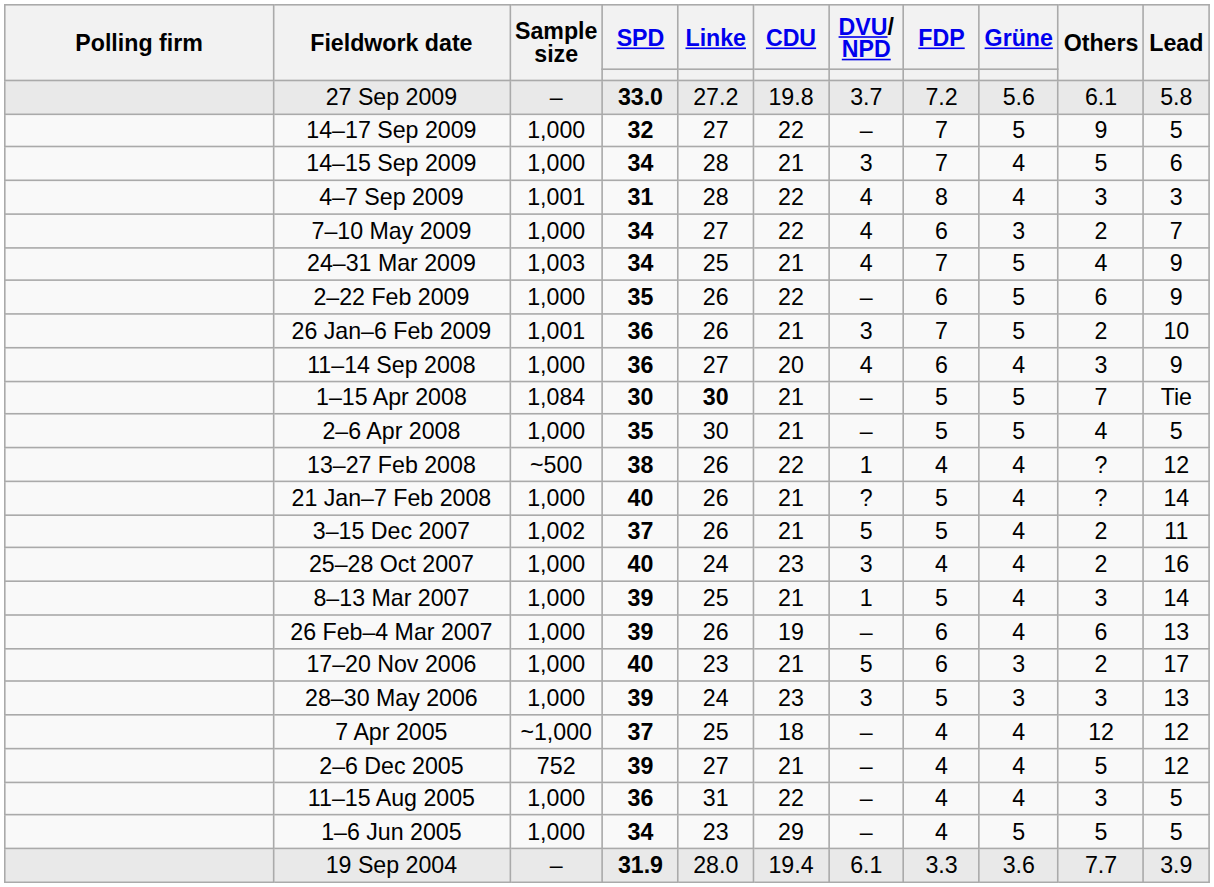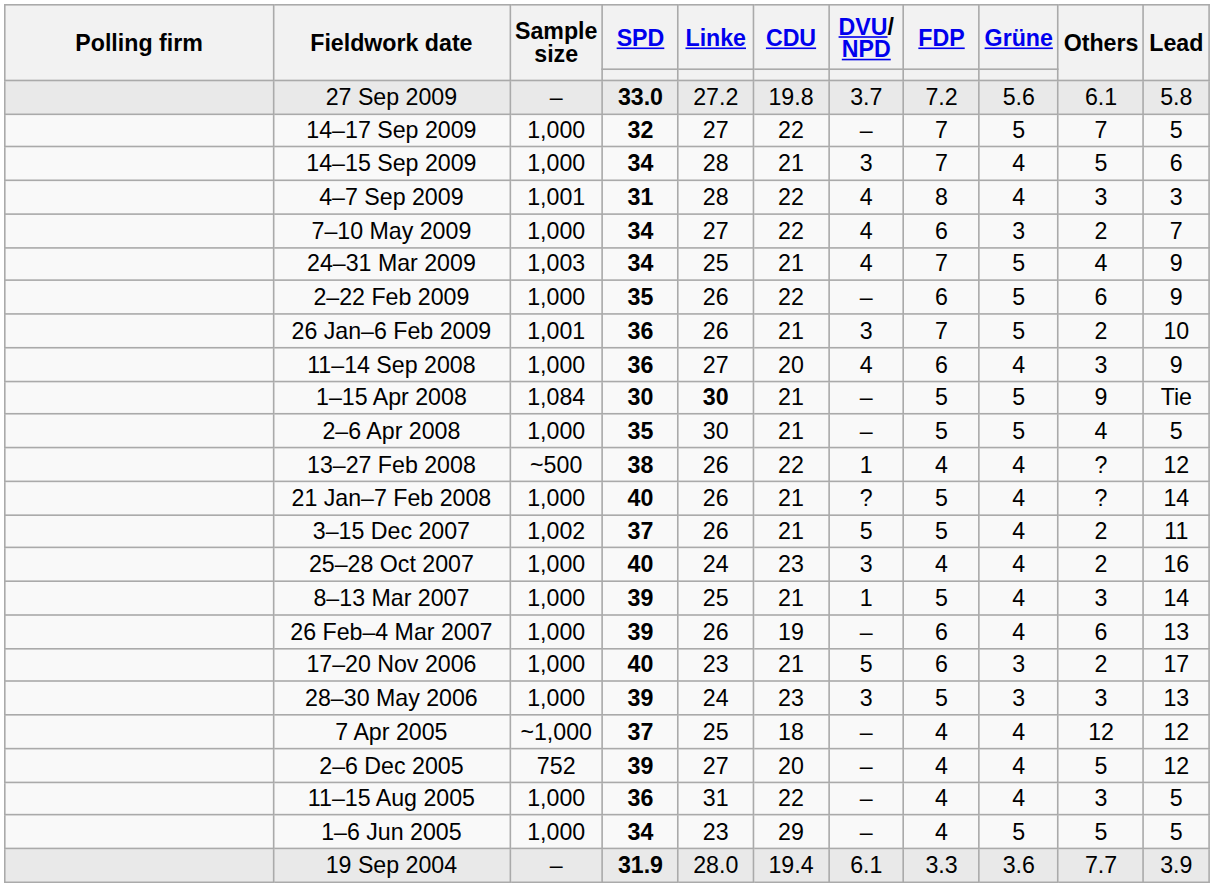 <table class="wikitable sortable" style="text-align:center;font-size:90%;line-height:14px;">
 <tr style="height:40px;">
 <th style="width:160px;" rowspan="2">Polling firm</th>
 <th style="width:140px;" rowspan="2">Fieldwork date</th>
 <th style="width:35px;" rowspan="2">Sample<br>size</th>
 <th class="unsortable" style="width:40px;"><a href='#'>SPD</a></th>
 <th class="unsortable" style="width:40px;"><a href='#'>Linke</a></th>
 <th class="unsortable" style="width:40px;"><a href='#'>CDU</a></th>
 <th class="unsortable" style="width:40px;"><a href='#'>DVU</a>/<br><a href='#'>NPD</a></th>
 <th class="unsortable" style="width:40px;"><a href='#'>FDP</a></th>
 <th class="unsortable" style="width:40px;"><a href='#'>Grüne</a></th>
 <th class="unsortable" style="width:40px;" rowspan="2">Others</th>
 <th style="width:30px;" rowspan="2">Lead</th>
 </tr>
 <tr>
 <th style="background:"></th>
 <th style="background:"></th>
 <th style="background:"></th>
 <th style="background:"></th>
 <th style="background:"></th>
 <th style="background:"></th>
 </tr>
 <tr style="background:#E9E9E9;">
 <td></td>
 <td data-sort-value="2009-09-27">27 Sep 2009</td>
 <td>–</td>
 <td><strong>33.0</strong></td>
 <td>27.2</td>
 <td>19.8</td>
 <td>3.7</td>
 <td>7.2</td>
 <td>5.6</td>
 <td>6.1</td>
 <td style="background:">5.8</td>
 </tr>
 <tr>
 <td></td>
 <td data-sort-value="2009-09-18">14–17 Sep 2009</td>
 <td>1,000</td>
 <td><strong>32</strong></td>
 <td>27</td>
 <td>22</td>
 <td>–</td>
 <td>7</td>
 <td>5</td>
-<td>9</td>
+<td>7</td>
 <td style="background:">5</td>
 </tr>
 <tr>
 <td></td>
 <td data-sort-value="2009-09-16">14–15 Sep 2009</td>
 <td>1,000</td>
 <td><strong>34</strong></td>
 <td>28</td>
 <td>21</td>
 <td>3</td>
 <td>7</td>
 <td>4</td>
 <td>5</td>
 <td style="background:">6</td>
 </tr>
 <tr>
 <td></td>
 <td data-sort-value="2009-09-09">4–7 Sep 2009</td>
 <td>1,001</td>
 <td><strong>31</strong></td>
 <td>28</td>
 <td>22</td>
 <td>4</td>
 <td>8</td>
 <td>4</td>
 <td>3</td>
 <td style="background:">3</td>
 </tr>
 <tr>
 <td></td>
 <td data-sort-value="2009-05-12">7–10 May 2009</td>
 <td>1,000</td>
 <td><strong>34</strong></td>
 <td>27</td>
 <td>22</td>
 <td>4</td>
 <td>6</td>
 <td>3</td>
 <td>2</td>
 <td style="background:">7</td>
 </tr>
 <tr>
 <td></td>
 <td data-sort-value="2009-04-03">24–31 Mar 2009</td>
 <td>1,003</td>
 <td><strong>34</strong></td>
 <td>25</td>
 <td>21</td>
 <td>4</td>
 <td>7</td>
 <td>5</td>
 <td>4</td>
 <td style="background:">9</td>
 </tr>
 <tr>
 <td></td>
 <td data-sort-value="2009-03-05">2–22 Feb 2009</td>
 <td>1,000</td>
 <td><strong>35</strong></td>
 <td>26</td>
 <td>22</td>
 <td>–</td>
 <td>6</td>
 <td>5</td>
 <td>6</td>
 <td style="background:">9</td>
 </tr>
 <tr>
 <td></td>
 <td data-sort-value="2009-02-12">26 Jan–6 Feb 2009</td>
 <td>1,001</td>
 <td><strong>36</strong></td>
 <td>26</td>
 <td>21</td>
 <td>3</td>
 <td>7</td>
 <td>5</td>
 <td>2</td>
 <td style="background:">10</td>
 </tr>
 <tr>
 <td></td>
 <td data-sort-value="2008-09-17">11–14 Sep 2008</td>
 <td>1,000</td>
 <td><strong>36</strong></td>
 <td>27</td>
 <td>20</td>
 <td>4</td>
 <td>6</td>
 <td>4</td>
 <td>3</td>
 <td style="background:">9</td>
 </tr>
 <tr>
 <td></td>
 <td data-sort-value="2008-04-17">1–15 Apr 2008</td>
 <td>1,084</td>
 <td><strong>30</strong></td>
 <td><strong>30</strong></td>
 <td>21</td>
 <td>–</td>
 <td>5</td>
 <td>5</td>
-<td>7</td>
+<td>9</td>
 <td data-sort-value="0">Tie</td>
 </tr>
 <tr>
 <td></td>
 <td data-sort-value="2008-04-08">2–6 Apr 2008</td>
 <td>1,000</td>
 <td><strong>35</strong></td>
 <td>30</td>
 <td>21</td>
 <td>–</td>
 <td>5</td>
 <td>5</td>
 <td>4</td>
 <td style="background:">5</td>
 </tr>
 <tr>
 <td></td>
 <td data-sort-value="2008-03-02">13–27 Feb 2008</td>
 <td>~500</td>
 <td><strong>38</strong></td>
 <td>26</td>
 <td>22</td>
 <td>1</td>
 <td>4</td>
 <td>4</td>
 <td>?</td>
 <td style="background:">12</td>
 </tr>
 <tr>
 <td></td>
 <td data-sort-value="2008-02-23">21 Jan–7 Feb 2008</td>
 <td>1,000</td>
 <td><strong>40</strong></td>
 <td>26</td>
 <td>21</td>
 <td>?</td>
 <td>5</td>
 <td>4</td>
 <td>?</td>
 <td style="background:">14</td>
 </tr>
 <tr>
 <td></td>
 <td data-sort-value="2008-01-14">3–15 Dec 2007</td>
 <td>1,002</td>
 <td><strong>37</strong></td>
 <td>26</td>
 <td>21</td>
 <td>5</td>
 <td>5</td>
 <td>4</td>
 <td>2</td>
 <td style="background:">11</td>
 </tr>
 <tr>
 <td></td>
 <td data-sort-value="2007-10-31">25–28 Oct 2007</td>
 <td>1,000</td>
 <td><strong>40</strong></td>
 <td>24</td>
 <td>23</td>
 <td>3</td>
 <td>4</td>
 <td>4</td>
 <td>2</td>
 <td style="background:">16</td>
 </tr>
 <tr>
 <td></td>
 <td data-sort-value="2007-03-14">8–13 Mar 2007</td>
 <td>1,000</td>
 <td><strong>39</strong></td>
 <td>25</td>
 <td>21</td>
 <td>1</td>
 <td>5</td>
 <td>4</td>
 <td>3</td>
 <td style="background:">14</td>
 </tr>
 <tr>
 <td></td>
 <td data-sort-value="2007-03-28">26 Feb–4 Mar 2007</td>
 <td>1,000</td>
 <td><strong>39</strong></td>
 <td>26</td>
 <td>19</td>
 <td>–</td>
 <td>6</td>
 <td>4</td>
 <td>6</td>
 <td style="background:">13</td>
 </tr>
 <tr>
 <td></td>
 <td data-sort-value="2006-11-22">17–20 Nov 2006</td>
 <td>1,000</td>
 <td><strong>40</strong></td>
 <td>23</td>
 <td>21</td>
 <td>5</td>
 <td>6</td>
 <td>3</td>
 <td>2</td>
 <td style="background:">17</td>
 </tr>
 <tr>
 <td></td>
 <td data-sort-value="2006-06-01">28–30 May 2006</td>
 <td>1,000</td>
 <td><strong>39</strong></td>
 <td>24</td>
 <td>23</td>
 <td>3</td>
 <td>5</td>
 <td>3</td>
 <td>3</td>
 <td style="background:">13</td>
 </tr>
 <tr>
 <td></td>
 <td data-sort-value="2006-04-07">7 Apr 2005</td>
 <td>~1,000</td>
 <td><strong>37</strong></td>
 <td>25</td>
 <td>18</td>
 <td>–</td>
 <td>4</td>
 <td>4</td>
 <td>12</td>
 <td style="background:">12</td>
 </tr>
 <tr>
 <td></td>
 <td data-sort-value="2005-12-09">2–6 Dec 2005</td>
 <td>752</td>
 <td><strong>39</strong></td>
 <td>27</td>
-<td>21</td>
+<td>20</td>
 <td>–</td>
 <td>4</td>
 <td>4</td>
 <td>5</td>
 <td style="background:">12</td>
 </tr>
 <tr>
 <td></td>
 <td data-sort-value="2005-08-22">11–15 Aug 2005</td>
 <td>1,000</td>
 <td><strong>36</strong></td>
 <td>31</td>
 <td>22</td>
 <td>–</td>
 <td>4</td>
 <td>4</td>
 <td>3</td>
 <td style="background:">5</td>
 </tr>
 <tr>
 <td></td>
 <td data-sort-value="2005-06-08">1–6 Jun 2005</td>
 <td>1,000</td>
 <td><strong>34</strong></td>
 <td>23</td>
 <td>29</td>
 <td>–</td>
 <td>4</td>
 <td>5</td>
 <td>5</td>
 <td style="background:">5</td>
 </tr>
 <tr style="background:#E9E9E9;">
 <td></td>
 <td data-sort-value="2004-09-19">19 Sep 2004</td>
 <td>–</td>
 <td><strong>31.9</strong></td>
 <td>28.0</td>
 <td>19.4</td>
 <td>6.1</td>
 <td>3.3</td>
 <td>3.6</td>
 <td>7.7</td>
 <td style="background:">3.9</td>
 </tr>
 </table>
